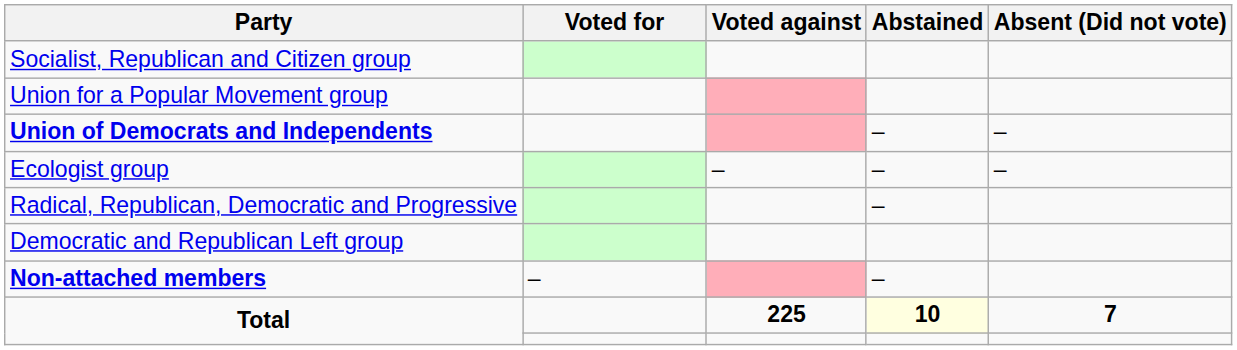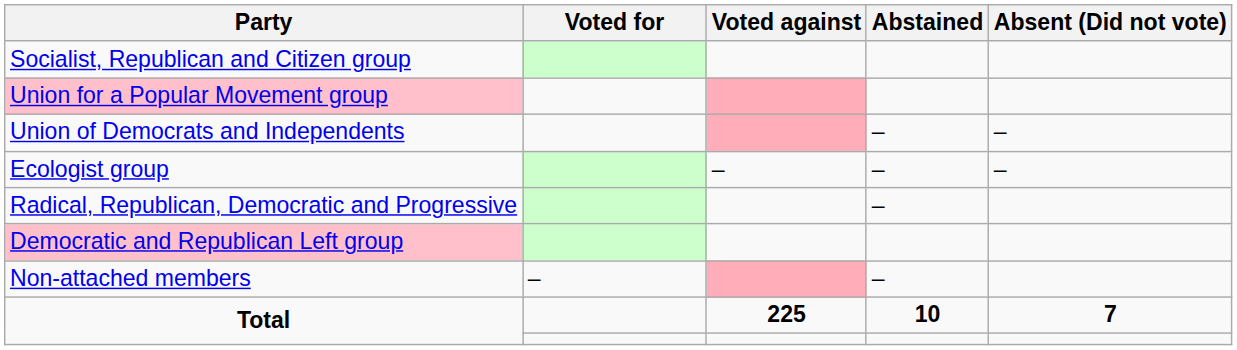 <table class="wikitable">
 <tr>
 <th>Party</th>
 <th style="width:15%;">Voted for</th>
 <th>Voted against</th>
 <th>Abstained</th>
 <th>Absent (Did not vote)</th>
 </tr>
 <tr>
 <td> <a href='#'>Socialist, Republican and Citizen group</a></td>
 <td style="background-color:#CCFFCC;"></td>
 <td></td>
 <td></td>
 <td></td>
 </tr>
 <tr>
-<td> <a href='#'>Union for a Popular Movement group</a></td>
+<td style="background: pink;"> <a href='#'>Union for a Popular Movement group</a></td>
 <td></td>
 <td style="background-color:#FFAEB9;"></td>
 <td></td>
 <td></td>
 </tr>
 <tr>
-<td><strong> <a href='#'>Union of Democrats and Independents</a></strong></td>
+<td> <a href='#'>Union of Democrats and Independents</a></td>
 <td></td>
 <td style="background-color:#FFAEB9;"></td>
 <td>–</td>
 <td>–</td>
 </tr>
 <tr>
 <td> <a href='#'>Ecologist group</a></td>
 <td style="background-color:#CCFFCC;"></td>
 <td>–</td>
 <td>–</td>
 <td>–</td>
 </tr>
 <tr>
 <td> <a href='#'>Radical, Republican, Democratic and Progressive</a></td>
 <td style="background-color:#CCFFCC;"></td>
 <td></td>
 <td>–</td>
 <td></td>
 </tr>
 <tr>
-<td> <a href='#'>Democratic and Republican Left group</a></td>
+<td style="background: pink;"> <a href='#'>Democratic and Republican Left group</a></td>
 <td style="background-color:#CCFFCC;"></td>
 <td></td>
 <td></td>
 <td></td>
 </tr>
 <tr>
-<td><strong> <a href='#'>Non-attached members</a></strong></td>
+<td> <a href='#'>Non-attached members</a></td>
 <td>–</td>
 <td style="background-color:#FFAEB9;"></td>
 <td>–</td>
 <td></td>
 </tr>
 <tr>
 <td style="text-align:center;" rowspan="2"><strong>Total</strong></td>
 <td></td>
 <td style="text-align:center;"><strong>225</strong></td>
-<td style="background: lightyellow; text-align:center;"><strong>10</strong></td>
+<td style="text-align:center;"><strong>10</strong></td>
 <td style="text-align:center;"><strong>7</strong></td>
 </tr>
 <tr>
 <td style="text-align:center;"></td>
 <td style="text-align:center;"></td>
 <td style="text-align:center;"></td>
 <td style="text-align:center;"></td>
 </tr>
 </table>
